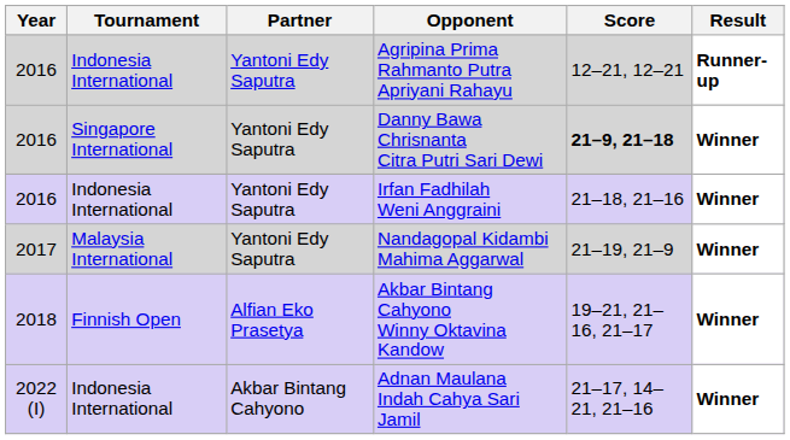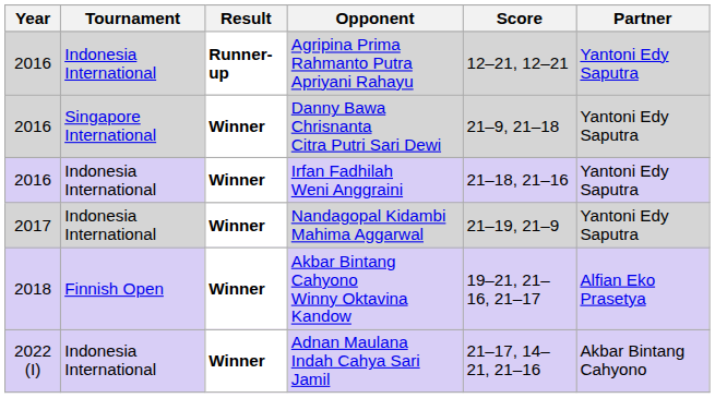 <table class="sortable wikitable" style="font-size: 90%">
 <tr>
 <th>Year</th>
 <th>Tournament</th>
-<th>Partner</th>
+<th>Result</th>
 <th>Opponent</th>
 <th>Score</th>
-<th>Result</th>
+<th>Partner</th>
 </tr>
 <tr style="background:#D5D5D5">
 <td align="center">2016</td>
 <td align="left"><a href='#'>Indonesia International</a></td>
-<td align="left"> <a href='#'>Yantoni Edy Saputra</a></td>
+<td style="text-align:left; background:white"> <strong>Runner-up</strong></td>
 <td align="left"> <a href='#'>Agripina Prima Rahmanto Putra</a><br> <a href='#'>Apriyani Rahayu</a></td>
 <td align="left">12–21, 12–21</td>
-<td style="text-align:left; background:white"> <strong>Runner-up</strong></td>
+<td align="left"> <a href='#'>Yantoni Edy Saputra</a></td>
 </tr>
 <tr style="background:#D5D5D5">
 <td align="center">2016</td>
 <td align="left"><a href='#'>Singapore International</a></td>
+<td style="text-align:left; background:white"> <strong>Winner</strong></td>
+<td align="left"> <a href='#'>Danny Bawa Chrisnanta</a><br> <a href='#'>Citra Putri Sari Dewi</a></td>
+<td align="left">21–9, 21–18</td>
 <td align="left"> Yantoni Edy Saputra</td>
-<td align="left"> <a href='#'>Danny Bawa Chrisnanta</a><br> <a href='#'>Citra Putri Sari Dewi</a></td>
-<td align="left"><strong>21–9, 21–18</strong></td>
-<td style="text-align:left; background:white"> <strong>Winner</strong></td>
 </tr>
 <tr style="background:#D8CEF6">
 <td align="center">2016</td>
 <td align="left">Indonesia International</td>
-<td align="left"> Yantoni Edy Saputra</td>
+<td style="text-align:left; background:white"> <strong>Winner</strong></td>
 <td align="left"> <a href='#'>Irfan Fadhilah</a><br> <a href='#'>Weni Anggraini</a></td>
 <td align="left">21–18, 21–16</td>
-<td style="text-align:left; background:white"> <strong>Winner</strong></td>
+<td align="left"> Yantoni Edy Saputra</td>
 </tr>
 <tr style="background:#D5D5D5">
 <td align="center">2017</td>
-<td align="left"><a href='#'>Malaysia International</a></td>
-<td align="left"> Yantoni Edy Saputra</td>
+<td align="left">Indonesia International</td>
+<td style="text-align:left; background:white"> <strong>Winner</strong></td>
 <td align="left"> <a href='#'>Nandagopal Kidambi</a><br> <a href='#'>Mahima Aggarwal</a></td>
 <td align="left">21–19, 21–9</td>
-<td style="text-align:left; background:white"> <strong>Winner</strong></td>
+<td align="left"> Yantoni Edy Saputra</td>
 </tr>
 <tr style="background:#D8CEF6">
 <td align="center">2018</td>
 <td align="left"><a href='#'>Finnish Open</a></td>
-<td align="left"> <a href='#'>Alfian Eko Prasetya</a></td>
+<td style="text-align:left; background:white"> <strong>Winner</strong></td>
 <td align="left"> <a href='#'>Akbar Bintang Cahyono</a><br> <a href='#'>Winny Oktavina Kandow</a></td>
 <td align="left">19–21, 21–16, 21–17</td>
-<td style="text-align:left; background:white"> <strong>Winner</strong></td>
+<td align="left"> <a href='#'>Alfian Eko Prasetya</a></td>
 </tr>
 <tr style="background:#D8CEF6">
 <td align="center">2022 (I)</td>
 <td align="left">Indonesia International</td>
-<td align="left"> Akbar Bintang Cahyono</td>
+<td style="text-align:left; background:white"> <strong>Winner</strong></td>
 <td align="left"> <a href='#'>Adnan Maulana</a><br> <a href='#'>Indah Cahya Sari Jamil</a></td>
 <td align="left">21–17, 14–21, 21–16</td>
-<td style="text-align:left; background:white"> <strong>Winner</strong></td>
+<td align="left"> Akbar Bintang Cahyono</td>
 </tr>
 </table>
